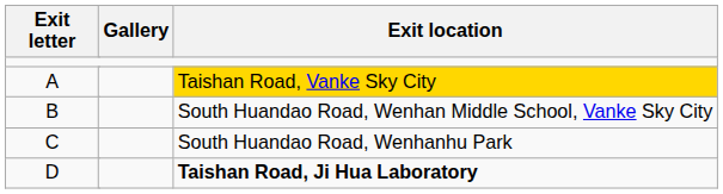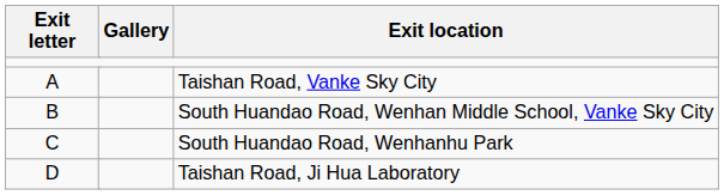 <table class="wikitable">
 <tr>
 <th colspan=2 style="width:70px">Exit letter</th>
 <th>Gallery</th>
 <th>Exit location</th>
 </tr>
 <tr style="background:#">
 <td colspan="4"></td>
 </tr>
 <tr>
 <td colspan=2 align=center>A</td>
 <td></td>
-<td style="background: gold;">Taishan Road, <a href='#'>Vanke</a> Sky City</td>
+<td>Taishan Road, <a href='#'>Vanke</a> Sky City</td>
 </tr>
 <tr>
 <td colspan=2 align=center>B</td>
 <td></td>
 <td>South Huandao Road, Wenhan Middle School, <a href='#'>Vanke</a> Sky City</td>
 </tr>
 <tr>
 <td colspan=2 align=center>C</td>
 <td></td>
 <td>South Huandao Road, Wenhanhu Park</td>
 </tr>
 <tr>
 <td colspan=2 align=center>D</td>
 <td></td>
-<td><strong>Taishan Road, Ji Hua Laboratory</strong></td>
+<td>Taishan Road, Ji Hua Laboratory</td>
 </tr>
 </table>
